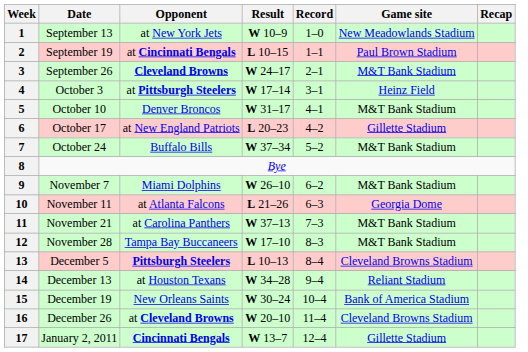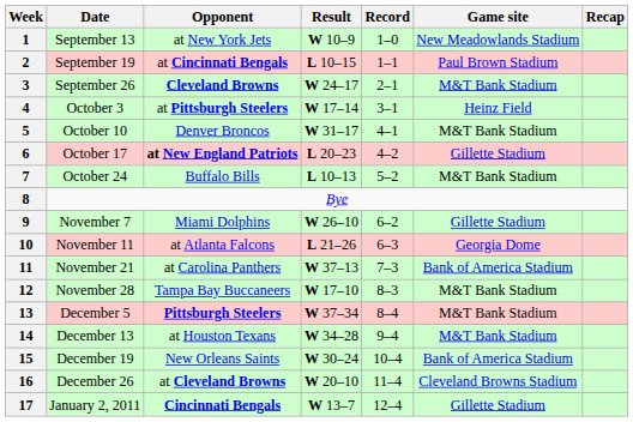 <table class="wikitable" style="text-align:center">
 <tr>
 <th>Week</th>
 <th>Date</th>
 <th>Opponent</th>
 <th>Result</th>
 <th>Record</th>
 <th>Game site</th>
 <th>Recap</th>
 </tr>
 <tr style="background:#cfc;">
 <th>1</th>
 <td>September 13</td>
 <td>at <a href='#'>New York Jets</a></td>
 <td><strong>W</strong> 10–9</td>
 <td>1–0</td>
 <td><a href='#'>New Meadowlands Stadium</a></td>
 <td></td>
 </tr>
 <tr style="background:#fcc;">
 <th>2</th>
 <td>September 19</td>
 <td>at <strong> <a href='#'>Cincinnati Bengals</a></strong></td>
 <td><strong>L</strong> 10–15</td>
 <td>1–1</td>
 <td><a href='#'>Paul Brown Stadium</a></td>
 <td></td>
 </tr>
 <tr style="background:#cfc;">
 <th>3</th>
 <td>September 26</td>
 <td><strong><a href='#'>Cleveland Browns</a></strong></td>
 <td><strong>W</strong> 24–17</td>
 <td>2–1</td>
 <td><a href='#'>M&T Bank Stadium</a></td>
 <td></td>
 </tr>
 <tr style="background:#cfc;">
 <th>4</th>
 <td>October 3</td>
 <td>at <strong><a href='#'>Pittsburgh Steelers</a></strong></td>
 <td><strong>W</strong> 17–14</td>
 <td>3–1</td>
 <td><a href='#'>Heinz Field</a></td>
 <td></td>
 </tr>
 <tr style="background:#cfc;">
 <th>5</th>
 <td>October 10</td>
 <td><a href='#'>Denver Broncos</a></td>
 <td><strong>W</strong> 31–17</td>
 <td>4–1</td>
 <td>M&T Bank Stadium</td>
 <td></td>
 </tr>
 <tr style="background:#fcc;">
 <th>6</th>
 <td>October 17</td>
-<td>at <a href='#'>New England Patriots</a></td>
+<td><strong>at <a href='#'>New England Patriots</a></strong></td>
 <td><strong>L</strong> 20–23 </td>
 <td>4–2</td>
 <td><a href='#'>Gillette Stadium</a></td>
 <td></td>
 </tr>
 <tr style="background:#cfc;">
 <th>7</th>
 <td>October 24</td>
 <td><a href='#'>Buffalo Bills</a></td>
-<td><strong>W</strong> 37–34 </td>
+<td><strong>L</strong> 10–13</td>
 <td>5–2</td>
 <td>M&T Bank Stadium</td>
 <td></td>
 </tr>
 <tr>
 <th>8</th>
 <td colspan="8"><em><a href='#'>Bye</a></em></td>
 </tr>
 <tr style="background:#cfc;">
 <th>9</th>
 <td>November 7</td>
 <td><a href='#'>Miami Dolphins</a></td>
 <td><strong>W</strong> 26–10</td>
 <td>6–2</td>
-<td>M&T Bank Stadium</td>
+<td><a href='#'>Gillette Stadium</a></td>
 <td></td>
 </tr>
 <tr style="background:#fcc;">
 <th>10</th>
 <td>November 11</td>
 <td>at <a href='#'>Atlanta Falcons</a></td>
 <td><strong>L</strong> 21–26</td>
 <td>6–3</td>
 <td><a href='#'>Georgia Dome</a></td>
 <td></td>
 </tr>
 <tr style="background:#cfc;">
 <th>11</th>
 <td>November 21</td>
 <td>at <a href='#'>Carolina Panthers</a></td>
 <td><strong>W</strong> 37–13</td>
 <td>7–3</td>
-<td>M&T Bank Stadium</td>
+<td><a href='#'>Bank of America Stadium</a></td>
 <td></td>
 </tr>
 <tr style="background:#cfc;">
 <th>12</th>
 <td>November 28</td>
 <td><a href='#'>Tampa Bay Buccaneers</a></td>
 <td><strong>W</strong> 17–10</td>
 <td>8–3</td>
 <td>M&T Bank Stadium</td>
 <td></td>
 </tr>
 <tr style="background:#fcc;">
 <th>13</th>
 <td>December 5</td>
 <td><strong><a href='#'>Pittsburgh Steelers</a></strong></td>
-<td><strong>L</strong> 10–13</td>
+<td><strong>W</strong> 37–34 </td>
 <td>8–4</td>
-<td><a href='#'>Cleveland Browns Stadium</a></td>
+<td>M&T Bank Stadium</td>
 <td></td>
 </tr>
 <tr style="background:#cfc;">
 <th>14</th>
 <td>December 13</td>
 <td>at <a href='#'>Houston Texans</a></td>
 <td><strong>W</strong> 34–28 </td>
 <td>9–4</td>
-<td><a href='#'>Reliant Stadium</a></td>
+<td><a href='#'>M&T Bank Stadium</a></td>
 <td></td>
 </tr>
 <tr style="background:#cfc;">
 <th>15</th>
 <td>December 19</td>
 <td><a href='#'>New Orleans Saints</a></td>
 <td><strong>W</strong> 30–24</td>
 <td>10–4</td>
 <td><a href='#'>Bank of America Stadium</a></td>
 <td></td>
 </tr>
 <tr style="background:#cfc;">
 <th>16</th>
 <td>December 26</td>
 <td>at <strong><a href='#'>Cleveland Browns</a></strong></td>
 <td><strong>W</strong> 20–10</td>
 <td>11–4</td>
 <td><a href='#'>Cleveland Browns Stadium</a></td>
 <td></td>
 </tr>
 <tr style="background:#cfc;">
 <th>17</th>
 <td>January 2, 2011</td>
 <td><strong><a href='#'>Cincinnati Bengals</a></strong></td>
 <td><strong>W</strong> 13–7</td>
 <td>12–4</td>
 <td><a href='#'>Gillette Stadium</a></td>
 <td></td>
 </tr>
 </table>
